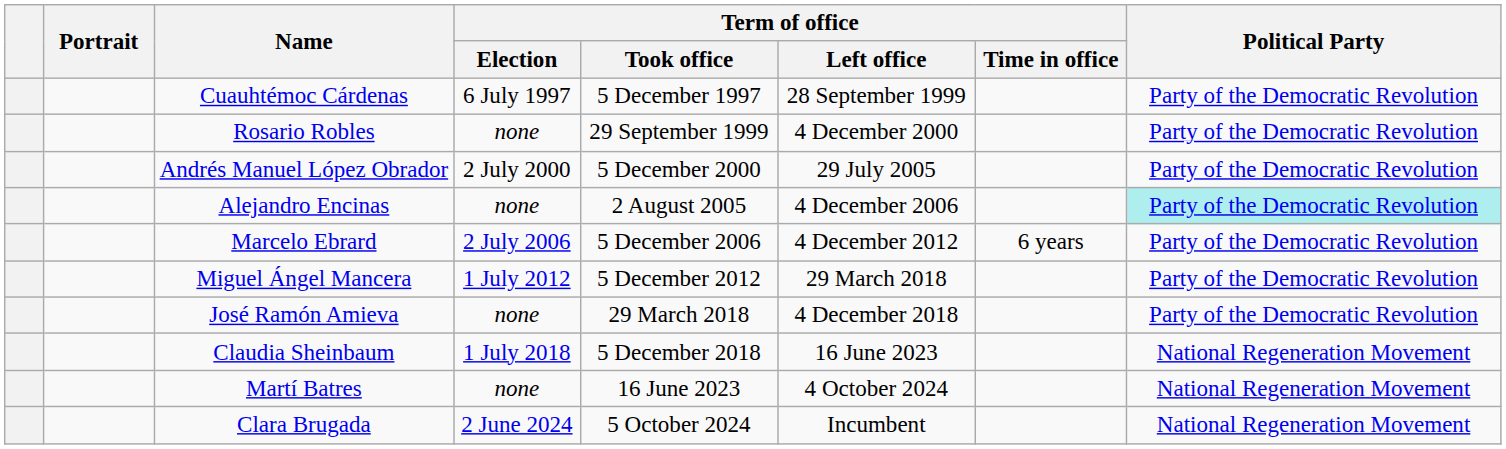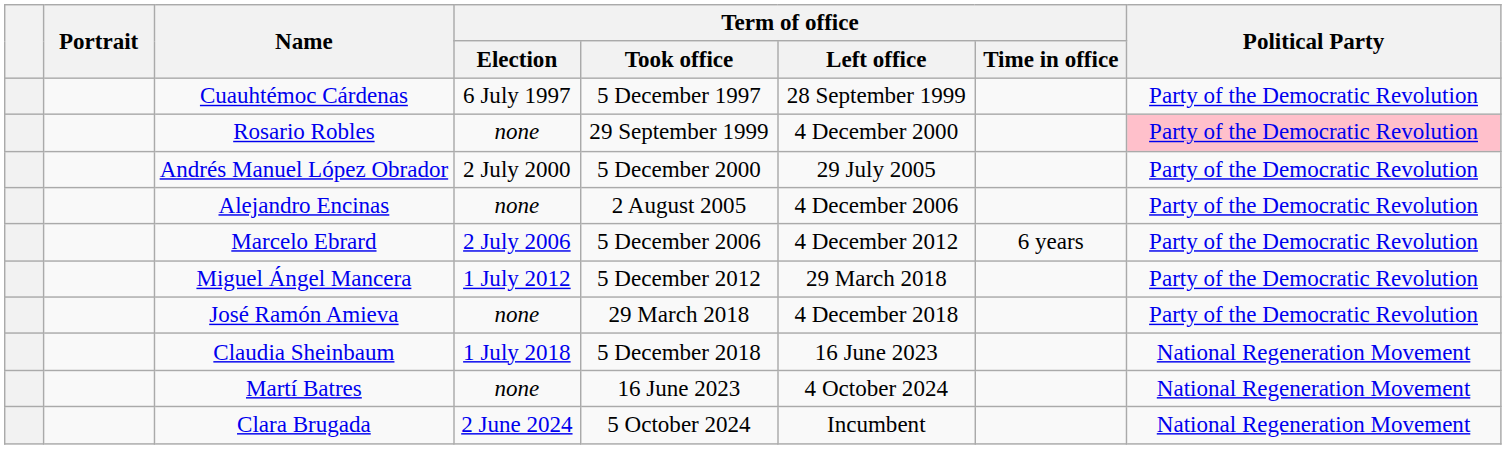 <table class="wikitable" style="text-align:center;">
 <tr>
 <th rowspan="2"></th>
 <th rowspan="2" width="70">Portrait</th>
 <th rowspan="2" width="20%">Name<br></th>
 <th colspan="4" width="45%">Term of office</th>
 <th rowspan="2" width="25%">Political Party</th>
 </tr>
 <tr>
 <th>Election</th>
 <th>Took office</th>
 <th>Left office</th>
 <th>Time in office</th>
 </tr>
 <tr>
 <th style="background:"></th>
 <td></td>
 <td><a href='#'>Cuauhtémoc Cárdenas</a><br></td>
 <td>6 July 1997</td>
 <td>5 December 1997</td>
 <td>28 September 1999</td>
 <td></td>
 <td><a href='#'>Party of the Democratic Revolution</a></td>
 </tr>
 <tr>
 <th style="background:"></th>
 <td></td>
 <td><a href='#'>Rosario Robles</a><br></td>
 <td><em>none</em></td>
 <td>29 September 1999</td>
 <td>4 December 2000</td>
 <td></td>
-<td><a href='#'>Party of the Democratic Revolution</a></td>
+<td style="background: pink;"><a href='#'>Party of the Democratic Revolution</a></td>
 </tr>
 <tr>
 <th style="background:"></th>
 <td></td>
 <td><a href='#'>Andrés Manuel López Obrador</a><br></td>
 <td>2 July 2000</td>
 <td>5 December 2000</td>
 <td>29 July 2005</td>
 <td></td>
 <td><a href='#'>Party of the Democratic Revolution</a></td>
 </tr>
 <tr>
 <th style="background:"></th>
 <td></td>
 <td><a href='#'>Alejandro Encinas</a><br></td>
 <td><em>none</em></td>
 <td>2 August 2005</td>
 <td>4 December 2006</td>
 <td></td>
-<td style="background: paleturquoise;"><a href='#'>Party of the Democratic Revolution</a></td>
+<td><a href='#'>Party of the Democratic Revolution</a></td>
 </tr>
 <tr>
 <th style="background:"></th>
 <td></td>
 <td><a href='#'>Marcelo Ebrard</a><br></td>
 <td><a href='#'>2 July 2006</a></td>
 <td>5 December 2006</td>
 <td>4 December 2012</td>
 <td>6 years</td>
 <td><a href='#'>Party of the Democratic Revolution</a></td>
 </tr>
 <tr>
 <th style="background:"></th>
 <td></td>
 <td><a href='#'>Miguel Ángel Mancera</a><br></td>
 <td><a href='#'>1 July 2012</a></td>
 <td>5 December 2012</td>
 <td>29 March 2018</td>
 <td></td>
 <td><a href='#'>Party of the Democratic Revolution</a></td>
 </tr>
 <tr>
 <th style="background:"></th>
 <td></td>
 <td><a href='#'>José Ramón Amieva</a><br></td>
 <td><em>none</em></td>
 <td>29 March 2018</td>
 <td>4 December 2018</td>
 <td></td>
 <td><a href='#'>Party of the Democratic Revolution</a></td>
 </tr>
 <tr>
 <th style="background:"></th>
 <td></td>
 <td><a href='#'>Claudia Sheinbaum</a><br></td>
 <td><a href='#'>1 July 2018</a></td>
 <td>5 December 2018</td>
 <td>16 June 2023</td>
 <td></td>
 <td><a href='#'>National Regeneration Movement</a></td>
 </tr>
 <tr>
 <th style="background:"></th>
 <td></td>
 <td><a href='#'>Martí Batres</a><br></td>
 <td><em>none</em></td>
 <td>16 June 2023</td>
 <td>4 October 2024</td>
 <td></td>
 <td><a href='#'>National Regeneration Movement</a></td>
 </tr>
 <tr>
 <th style="background:"></th>
 <td></td>
 <td><a href='#'>Clara Brugada</a><br></td>
 <td><a href='#'>2 June 2024</a></td>
 <td>5 October 2024</td>
 <td>Incumbent</td>
 <td></td>
 <td><a href='#'>National Regeneration Movement</a></td>
 </tr>
 </table>
